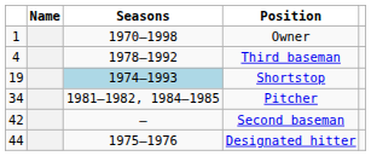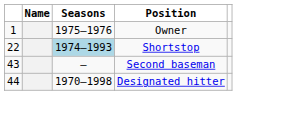 <table class="wikitable sortable plainrowheaders" style="text-align:center">
 <tr>
 <th scope="col" style="background-color:#ffffff; border-top:#"></th>
 <th scope="col" style="background-color:#ffffff; border-top:#">Name</th>
 <th scope="col" style="background-color:#ffffff; border-top:#">Seasons</th>
 <th scope="col" style="background-color:#ffffff; border-top:#">Position</th>
 <th scope="col" class="unsortable" style="background-color:#ffffff; border-top:#"></th>
 </tr>
 <tr>
 <td>1</td>
 <th scope="row" style="text-align:center"></th>
-<td>1970–1998</td>
+<td>1975–1976</td>
 <td>Owner</td>
 <td></td>
 </tr>
 <tr>
-<td>4</td>
-<th scope="row" style="text-align:center"></th>
-<td>1978–1992</td>
-<td><a href='#'>Third baseman</a></td>
-<td></td>
-</tr>
-<tr>
-<td>19</td>
+<td>22</td>
 <th scope="row" style="text-align:center"></th>
 <td style="background: lightblue;">1974–1993</td>
 <td><a href='#'>Shortstop</a></td>
 <td></td>
 </tr>
 <tr>
-<td>34</td>
-<th scope="row" style="text-align:center"></th>
-<td>1981–1982, 1984–1985</td>
-<td><a href='#'>Pitcher</a></td>
-<td></td>
-</tr>
-<tr>
-<td>42</td>
+<td>43</td>
 <th scope="row" style="text-align:center"></th>
 <td>—</td>
 <td><a href='#'>Second baseman</a></td>
 <td></td>
 </tr>
 <tr>
 <td>44</td>
 <th scope="row" style="text-align:center"></th>
-<td>1975–1976</td>
+<td>1970–1998</td>
 <td><a href='#'>Designated hitter</a></td>
 <td></td>
 </tr>
 </table>
